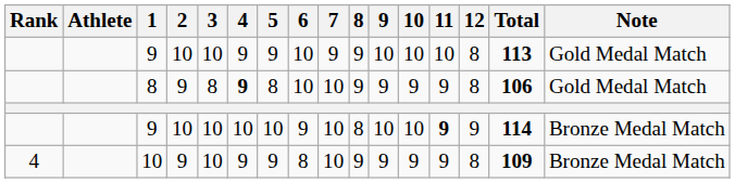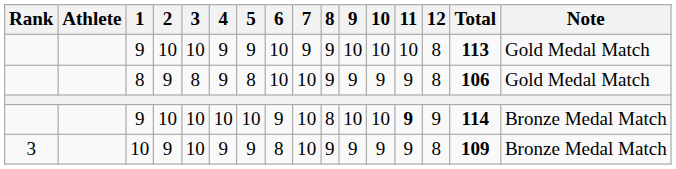 <table class=wikitable style="text-align:center;">
 <tr>
 <th>Rank</th>
 <th>Athlete</th>
 <th>1</th>
 <th>2</th>
 <th>3</th>
 <th>4</th>
 <th>5</th>
 <th>6</th>
 <th>7</th>
 <th>8</th>
 <th>9</th>
 <th>10</th>
 <th>11</th>
 <th>12</th>
 <th>Total</th>
 <th>Note</th>
 </tr>
 <tr>
 <td></td>
 <td align=left></td>
 <td>9</td>
 <td>10</td>
 <td>10</td>
 <td>9</td>
 <td>9</td>
 <td>10</td>
 <td>9</td>
 <td>9</td>
 <td>10</td>
 <td>10</td>
 <td>10</td>
 <td>8</td>
 <td><strong>113</strong></td>
 <td align=left>Gold Medal Match</td>
 </tr>
 <tr>
 <td></td>
 <td align=left></td>
 <td>8</td>
 <td>9</td>
 <td>8</td>
-<td><strong>9</strong></td>
+<td>9</td>
 <td>8</td>
 <td>10</td>
 <td>10</td>
 <td>9</td>
 <td>9</td>
 <td>9</td>
 <td>9</td>
 <td>8</td>
 <td><strong>106</strong></td>
 <td align=left>Gold Medal Match</td>
 </tr>
 <tr>
 <th colspan=16></th>
 </tr>
 <tr>
 <td></td>
 <td align=left></td>
 <td>9</td>
 <td>10</td>
 <td>10</td>
 <td>10</td>
 <td>10</td>
 <td>9</td>
 <td>10</td>
 <td>8</td>
 <td>10</td>
 <td>10</td>
 <td><strong>9</strong></td>
 <td>9</td>
 <td><strong>114</strong></td>
 <td align=left>Bronze Medal Match</td>
 </tr>
 <tr>
-<td>4</td>
+<td>3</td>
 <td align=left></td>
 <td>10</td>
 <td>9</td>
 <td>10</td>
 <td>9</td>
 <td>9</td>
 <td>8</td>
 <td>10</td>
 <td>9</td>
 <td>9</td>
 <td>9</td>
 <td>9</td>
 <td>8</td>
 <td><strong>109</strong></td>
 <td align=left>Bronze Medal Match</td>
 </tr>
 </table>
